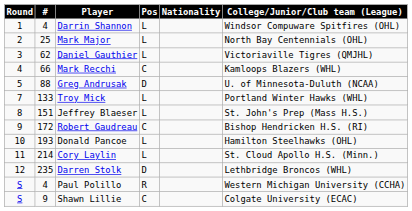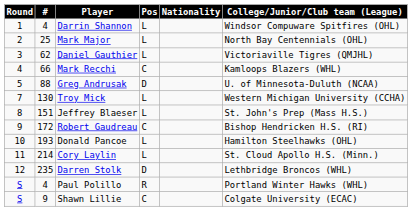 <table class="wikitable">
 <tr>
 <th style="color:white; background:#000000; ">Round</th>
 <th style="color:white; background:#000000; ">#</th>
 <th style="color:white; background:#000000; ">Player</th>
 <th style="color:white; background:#000000; ">Pos</th>
 <th style="color:white; background:#000000; ">Nationality</th>
 <th style="color:white; background:#000000; ">College/Junior/Club team (League)</th>
 </tr>
 <tr>
 <td style="text-align:center">1</td>
 <td style="text-align:center">4</td>
 <td><a href='#'>Darrin Shannon</a></td>
 <td>L</td>
 <td></td>
 <td>Windsor Compuware Spitfires (OHL)</td>
 </tr>
 <tr>
 <td style="text-align:center">2</td>
 <td style="text-align:center">25</td>
 <td><a href='#'>Mark Major</a></td>
 <td>L</td>
 <td></td>
 <td>North Bay Centennials (OHL)</td>
 </tr>
 <tr>
 <td style="text-align:center">3</td>
 <td style="text-align:center">62</td>
 <td><a href='#'>Daniel Gauthier</a></td>
 <td>L</td>
 <td></td>
 <td>Victoriaville Tigres (QMJHL)</td>
 </tr>
 <tr>
 <td style="text-align:center">4</td>
 <td style="text-align:center">66</td>
 <td><a href='#'>Mark Recchi</a></td>
 <td>C</td>
 <td></td>
 <td>Kamloops Blazers (WHL)</td>
 </tr>
 <tr>
 <td style="text-align:center">5</td>
 <td style="text-align:center">88</td>
 <td><a href='#'>Greg Andrusak</a></td>
 <td>D</td>
 <td></td>
 <td>U. of Minnesota-Duluth (NCAA)</td>
 </tr>
 <tr>
 <td style="text-align:center">7</td>
-<td style="text-align:center">133</td>
+<td style="text-align:center">130</td>
 <td><a href='#'>Troy Mick</a></td>
 <td>L</td>
 <td></td>
-<td>Portland Winter Hawks (WHL)</td>
+<td>Western Michigan University (CCHA)</td>
 </tr>
 <tr>
 <td style="text-align:center">8</td>
 <td style="text-align:center">151</td>
 <td>Jeffrey Blaeser</td>
 <td>L</td>
 <td></td>
 <td>St. John's Prep (Mass H.S.)</td>
 </tr>
 <tr>
 <td style="text-align:center">9</td>
 <td style="text-align:center">172</td>
 <td><a href='#'>Robert Gaudreau</a></td>
 <td>C</td>
 <td></td>
 <td>Bishop Hendricken H.S. (RI)</td>
 </tr>
 <tr>
 <td style="text-align:center">10</td>
 <td style="text-align:center">193</td>
 <td>Donald Pancoe</td>
 <td>L</td>
 <td></td>
 <td>Hamilton Steelhawks (OHL)</td>
 </tr>
 <tr>
 <td style="text-align:center">11</td>
 <td style="text-align:center">214</td>
 <td><a href='#'>Cory Laylin</a></td>
 <td>L</td>
 <td></td>
 <td>St. Cloud Apollo H.S. (Minn.)</td>
 </tr>
 <tr>
 <td style="text-align:center">12</td>
 <td style="text-align:center">235</td>
 <td><a href='#'>Darren Stolk</a></td>
 <td>D</td>
 <td></td>
 <td>Lethbridge Broncos (WHL)</td>
 </tr>
 <tr>
 <td style="text-align:center"><a href='#'>S</a></td>
 <td style="text-align:center">4</td>
 <td>Paul Polillo</td>
 <td>R</td>
 <td></td>
-<td>Western Michigan University (CCHA)</td>
+<td>Portland Winter Hawks (WHL)</td>
 </tr>
 <tr>
 <td style="text-align:center"><a href='#'>S</a></td>
 <td style="text-align:center">9</td>
 <td>Shawn Lillie</td>
 <td>C</td>
 <td></td>
 <td>Colgate University (ECAC)</td>
 </tr>
 </table>
